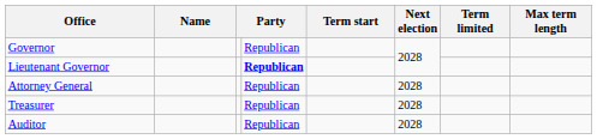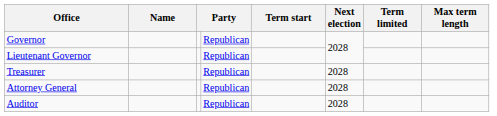 <table class="sortable wikitable">
 <tr>
 <th scope="col" width=190>Office</th>
 <th scope="col" width=100>Name</th>
 <th scope="col" width=75 colspan=2>Party</th>
 <th scope="col" width=110>Term start</th>
 <th scope="col" width=50>Next election</th>
 <th scope="col" width=85>Term limited</th>
 <th scope="col" width=100>Max term length</th>
 </tr>
 <tr>
 <td><a href='#'>Governor</a></td>
 <td></td>
 <td style="background-color:"></td>
 <td><a href='#'>Republican</a></td>
 <td></td>
 <td rowspan=2>2028</td>
 <td></td>
 <td></td>
 </tr>
 <tr>
 <td><a href='#'>Lieutenant Governor</a></td>
 <td></td>
 <td style="background-color:"></td>
-<td><strong><a href='#'>Republican</a></strong></td>
+<td><a href='#'>Republican</a></td>
 <td></td>
 <td></td>
 <td></td>
 </tr>
 <tr>
-<td><a href='#'>Attorney General</a></td>
+<td><a href='#'>Treasurer</a></td>
 <td></td>
 <td style="background-color:"></td>
 <td><a href='#'>Republican</a></td>
 <td></td>
 <td>2028</td>
 <td></td>
 <td></td>
 </tr>
 <tr>
-<td><a href='#'>Treasurer</a></td>
+<td><a href='#'>Attorney General</a></td>
 <td></td>
 <td style="background-color:"></td>
 <td><a href='#'>Republican</a></td>
 <td></td>
 <td>2028</td>
 <td></td>
 <td></td>
 </tr>
 <tr>
 <td><a href='#'>Auditor</a></td>
 <td></td>
 <td style="background-color:"></td>
 <td><a href='#'>Republican</a></td>
 <td></td>
 <td>2028</td>
 <td></td>
 <td></td>
 </tr>
 </table>
